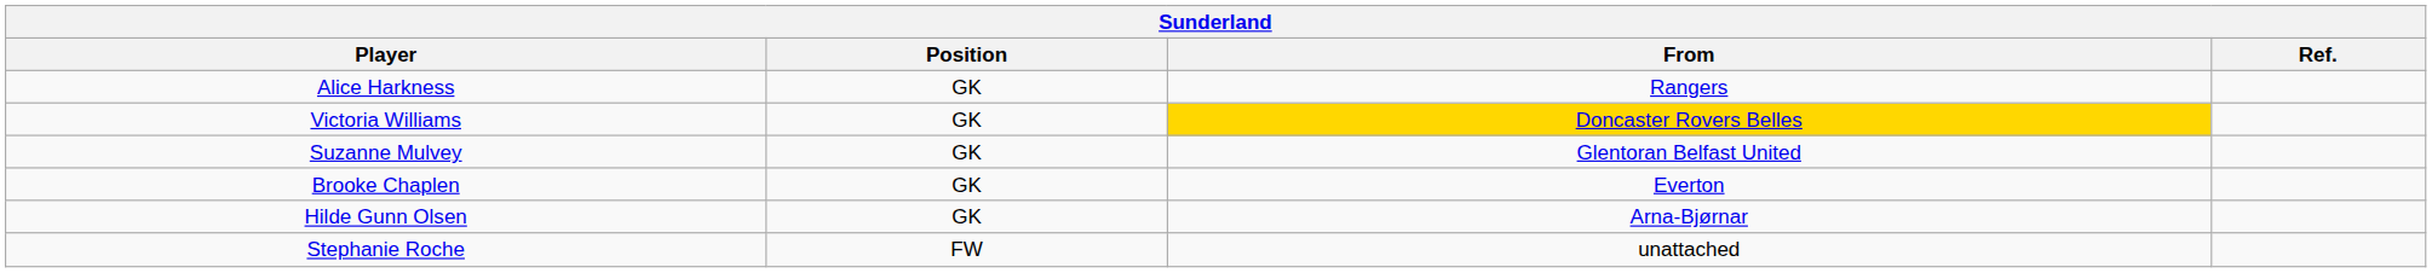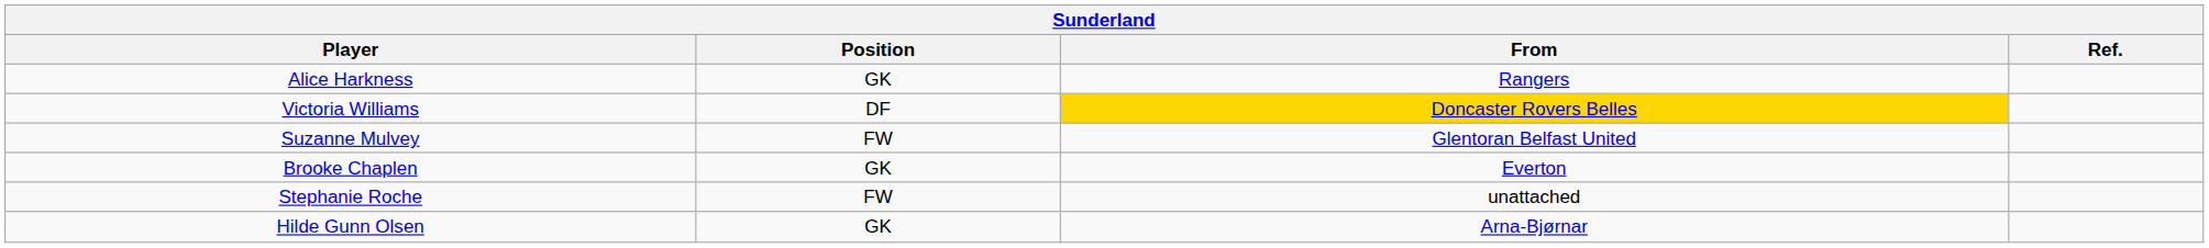 <table class="wikitable sortable collapsible collapsed" style="font-size:95%; text-align: center; width: 90%;">
 <tr>
 <th colspan="4"  style="with:100%; text-align:center;"><strong><a href='#'>Sunderland</a></strong></th>
 </tr>
 <tr>
 <th>Player</th>
 <th>Position</th>
 <th>From</th>
 <th>Ref.</th>
 </tr>
 <tr>
 <td> <a href='#'>Alice Harkness</a></td>
 <td>GK</td>
 <td><a href='#'>Rangers</a></td>
 <td></td>
 </tr>
 <tr>
 <td> <a href='#'>Victoria Williams</a></td>
-<td>GK</td>
+<td>DF</td>
 <td style="background: gold;"><a href='#'>Doncaster Rovers Belles</a></td>
 <td></td>
 </tr>
 <tr>
 <td> <a href='#'>Suzanne Mulvey</a></td>
-<td>GK</td>
+<td>FW</td>
 <td><a href='#'>Glentoran Belfast United</a></td>
 <td></td>
 </tr>
 <tr>
 <td> <a href='#'>Brooke Chaplen</a></td>
 <td>GK</td>
 <td><a href='#'>Everton</a></td>
 <td></td>
 </tr>
 <tr>
+<td> <a href='#'>Stephanie Roche</a></td>
+<td>FW</td>
+<td>unattached</td>
+<td></td>
+</tr>
+<tr>
 <td> <a href='#'>Hilde Gunn Olsen</a></td>
 <td>GK</td>
 <td><a href='#'>Arna-Bjørnar</a></td>
 <td></td>
 </tr>
-<tr>
-<td> <a href='#'>Stephanie Roche</a></td>
-<td>FW</td>
-<td>unattached</td>
-<td></td>
-</tr>
 </table>
